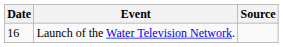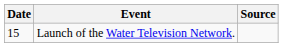 <table class="wikitable">
 <tr>
 <th>Date</th>
 <th>Event</th>
 <th>Source</th>
 </tr>
 <tr>
-<td>16</td>
+<td>15</td>
 <td>Launch of the <a href='#'>Water Television Network</a>.</td>
 </tr>
 </table>
